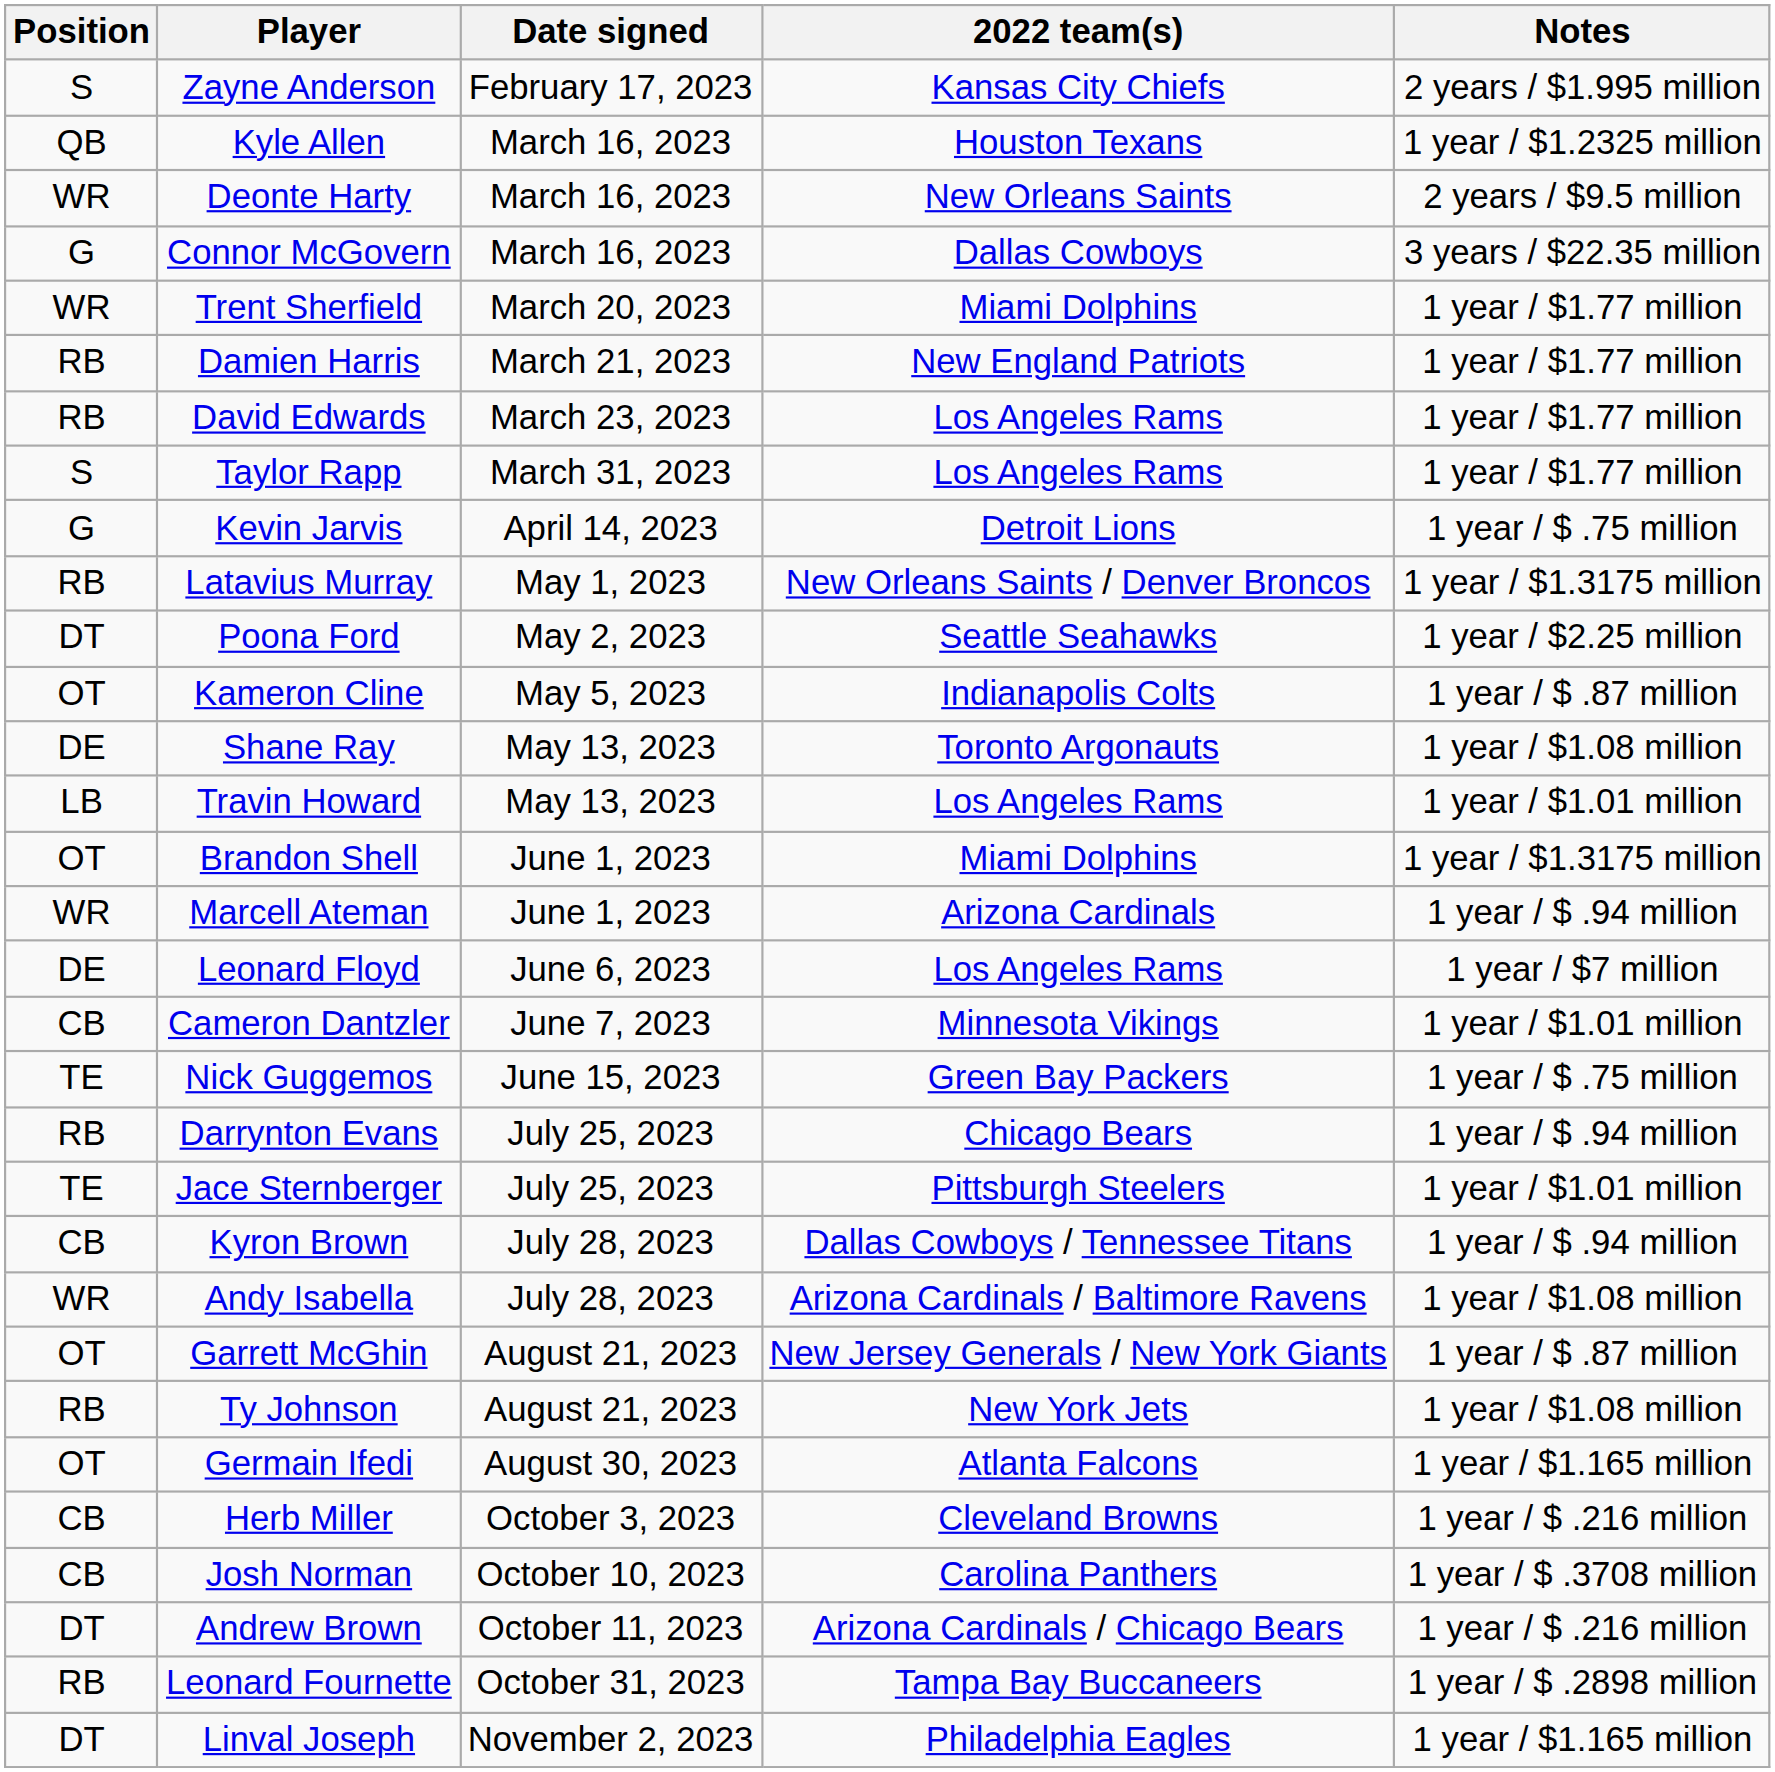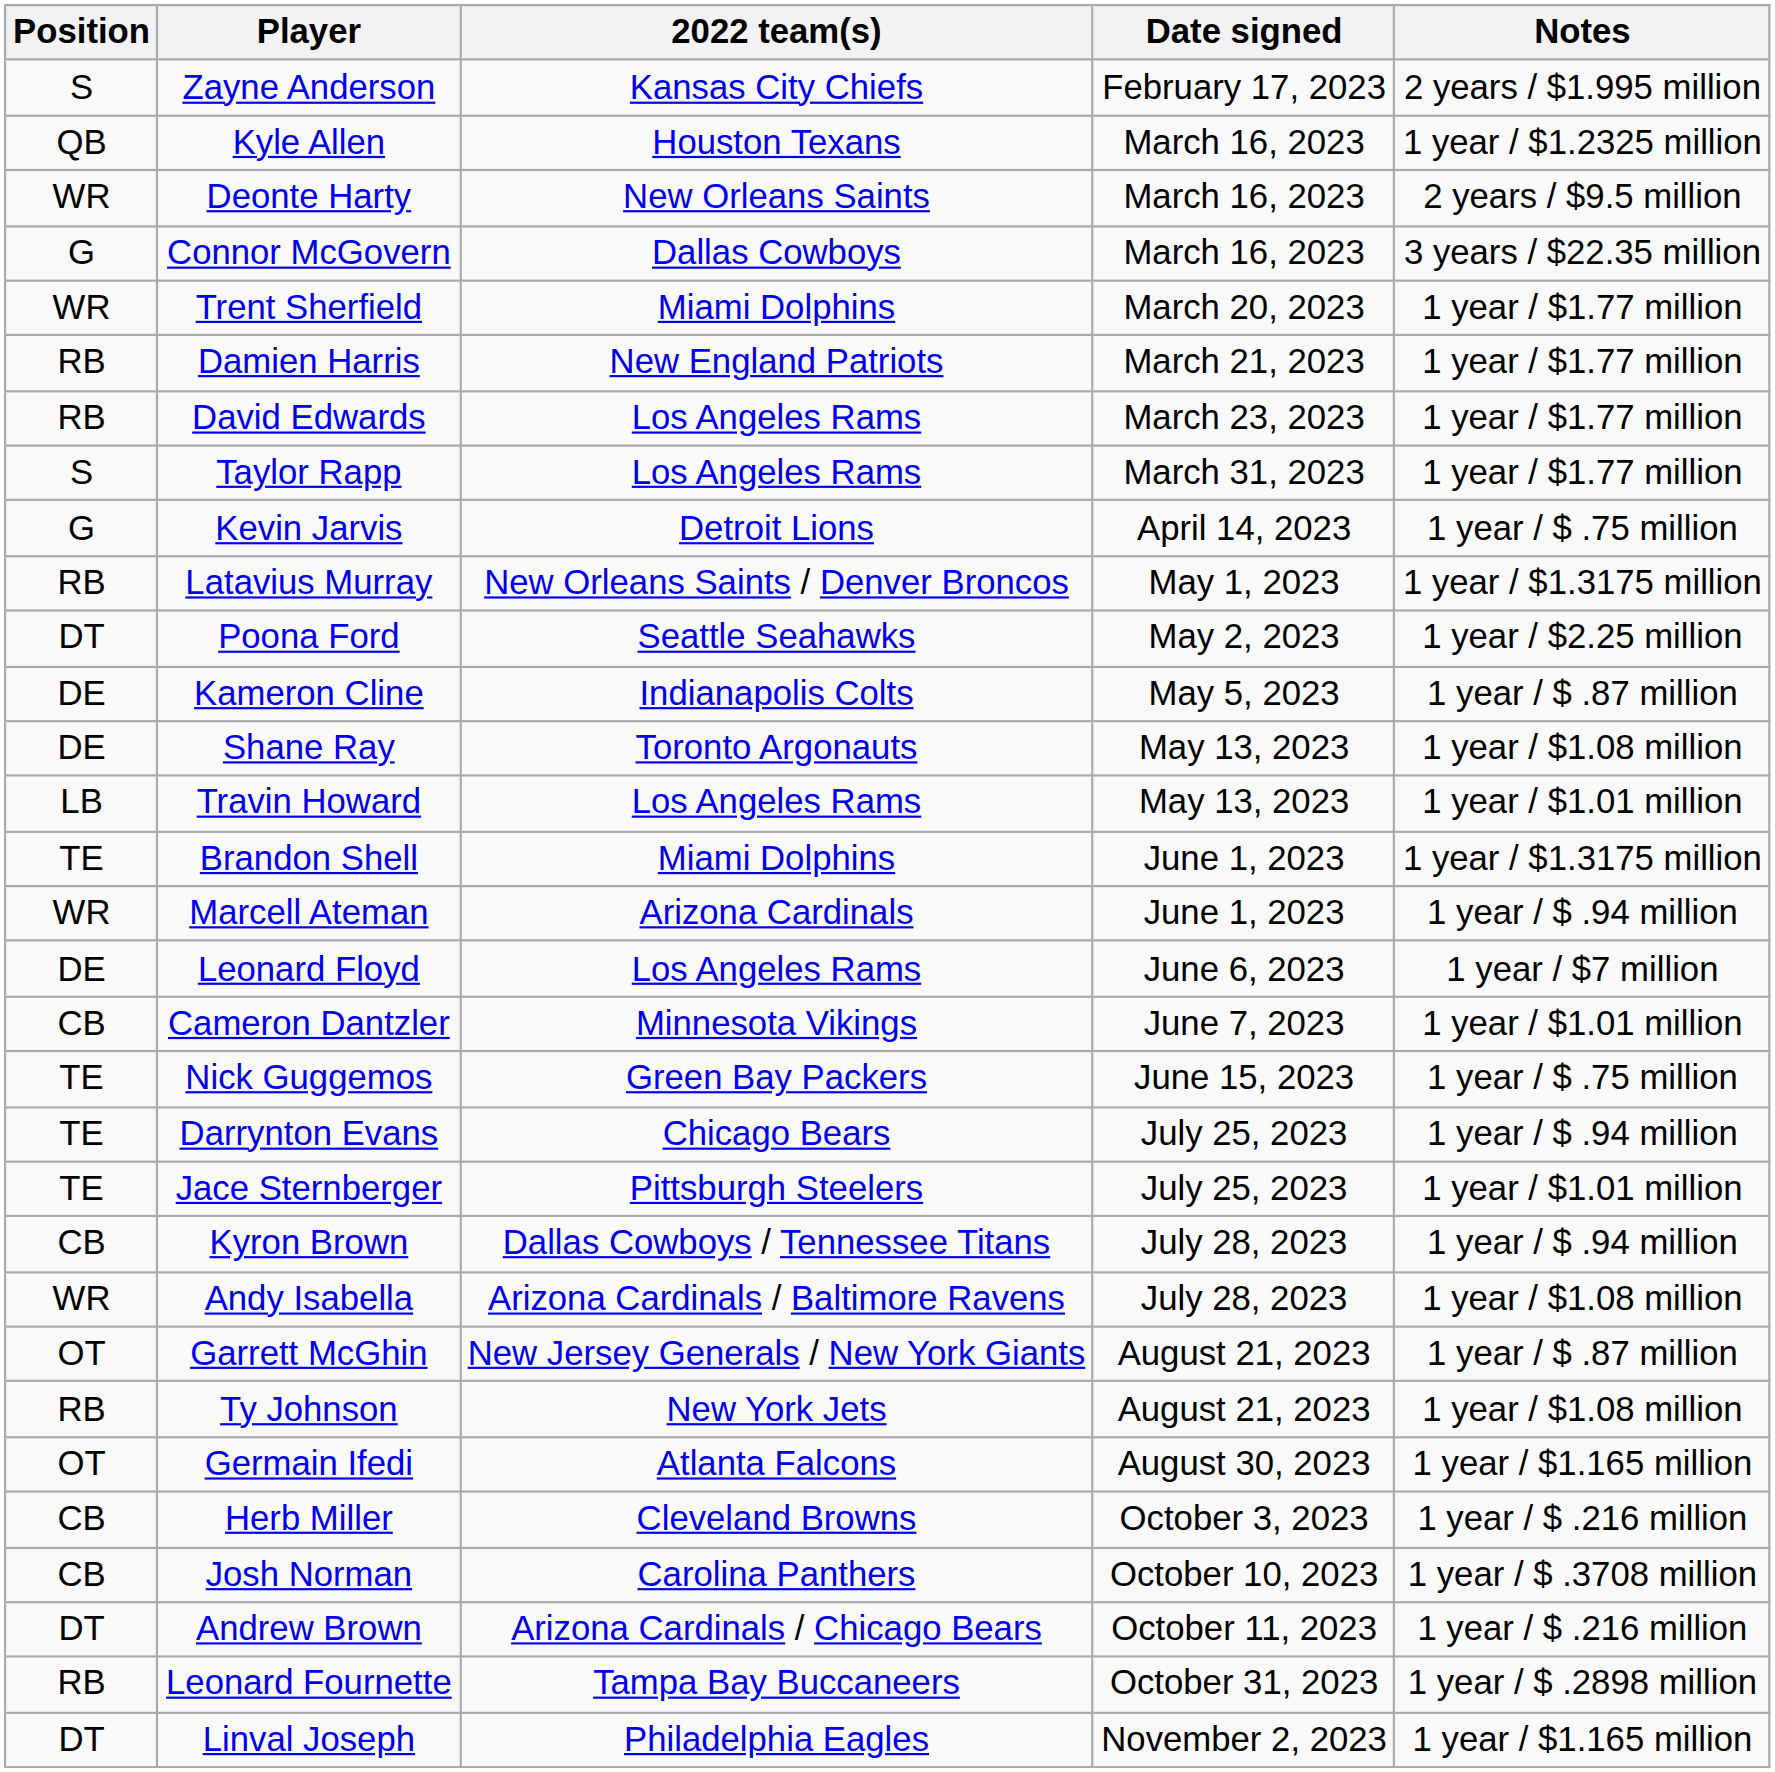 <table class="wikitable sortable" style="text-align:center">
 <tr>
 <th>Position</th>
 <th>Player</th>
+<th>2022 team(s)</th>
 <th>Date signed</th>
-<th>2022 team(s)</th>
 <th>Notes</th>
 </tr>
 <tr>
 <td>S</td>
 <td><a href='#'>Zayne Anderson</a></td>
+<td><a href='#'>Kansas City Chiefs</a></td>
 <td>February 17, 2023</td>
-<td><a href='#'>Kansas City Chiefs</a></td>
 <td>2 years / $1.995 million</td>
 </tr>
 <tr>
 <td>QB</td>
 <td><a href='#'>Kyle Allen</a></td>
+<td><a href='#'>Houston Texans</a></td>
 <td>March 16, 2023</td>
-<td><a href='#'>Houston Texans</a></td>
 <td>1 year / $1.2325 million</td>
 </tr>
 <tr>
 <td>WR</td>
 <td><a href='#'>Deonte Harty</a></td>
+<td><a href='#'>New Orleans Saints</a></td>
 <td>March 16, 2023</td>
-<td><a href='#'>New Orleans Saints</a></td>
 <td>2 years / $9.5 million</td>
 </tr>
 <tr>
 <td>G</td>
 <td><a href='#'>Connor McGovern</a></td>
+<td><a href='#'>Dallas Cowboys</a></td>
 <td>March 16, 2023</td>
-<td><a href='#'>Dallas Cowboys</a></td>
 <td>3 years / $22.35 million</td>
 </tr>
 <tr>
 <td>WR</td>
 <td><a href='#'>Trent Sherfield</a></td>
+<td><a href='#'>Miami Dolphins</a></td>
 <td>March 20, 2023</td>
-<td><a href='#'>Miami Dolphins</a></td>
 <td>1 year / $1.77 million</td>
 </tr>
 <tr>
 <td>RB</td>
 <td><a href='#'>Damien Harris</a></td>
+<td><a href='#'>New England Patriots</a></td>
 <td>March 21, 2023</td>
-<td><a href='#'>New England Patriots</a></td>
 <td>1 year / $1.77 million</td>
 </tr>
 <tr>
 <td>RB</td>
 <td><a href='#'>David Edwards</a></td>
+<td><a href='#'>Los Angeles Rams</a></td>
 <td>March 23, 2023</td>
-<td><a href='#'>Los Angeles Rams</a></td>
 <td>1 year / $1.77 million</td>
 </tr>
 <tr>
 <td>S</td>
 <td><a href='#'>Taylor Rapp</a></td>
+<td><a href='#'>Los Angeles Rams</a></td>
 <td>March 31, 2023</td>
-<td><a href='#'>Los Angeles Rams</a></td>
 <td>1 year / $1.77 million</td>
 </tr>
 <tr>
 <td>G</td>
 <td><a href='#'>Kevin Jarvis</a></td>
+<td><a href='#'>Detroit Lions</a></td>
 <td>April 14, 2023</td>
-<td><a href='#'>Detroit Lions</a></td>
 <td>1 year / $ .75 million</td>
 </tr>
 <tr>
 <td>RB</td>
 <td><a href='#'>Latavius Murray</a></td>
+<td><a href='#'>New Orleans Saints</a> / <a href='#'>Denver Broncos</a></td>
 <td>May 1, 2023</td>
-<td><a href='#'>New Orleans Saints</a> / <a href='#'>Denver Broncos</a></td>
 <td>1 year / $1.3175 million</td>
 </tr>
 <tr>
 <td>DT</td>
 <td><a href='#'>Poona Ford</a></td>
+<td><a href='#'>Seattle Seahawks</a></td>
 <td>May 2, 2023</td>
-<td><a href='#'>Seattle Seahawks</a></td>
 <td>1 year / $2.25 million</td>
 </tr>
 <tr>
-<td>OT</td>
+<td>DE</td>
 <td><a href='#'>Kameron Cline</a></td>
+<td><a href='#'>Indianapolis Colts</a></td>
 <td>May 5, 2023</td>
-<td><a href='#'>Indianapolis Colts</a></td>
 <td>1 year / $ .87 million</td>
 </tr>
 <tr>
 <td>DE</td>
 <td><a href='#'>Shane Ray</a></td>
+<td><a href='#'>Toronto Argonauts</a></td>
 <td>May 13, 2023</td>
-<td><a href='#'>Toronto Argonauts</a></td>
 <td>1 year / $1.08 million</td>
 </tr>
 <tr>
 <td>LB</td>
 <td><a href='#'>Travin Howard</a></td>
+<td><a href='#'>Los Angeles Rams</a></td>
 <td>May 13, 2023</td>
-<td><a href='#'>Los Angeles Rams</a></td>
 <td>1 year / $1.01 million</td>
 </tr>
 <tr>
-<td>OT</td>
+<td>TE</td>
 <td><a href='#'>Brandon Shell</a></td>
+<td><a href='#'>Miami Dolphins</a></td>
 <td>June 1, 2023</td>
-<td><a href='#'>Miami Dolphins</a></td>
 <td>1 year / $1.3175 million</td>
 </tr>
 <tr>
 <td>WR</td>
 <td><a href='#'>Marcell Ateman</a></td>
+<td><a href='#'>Arizona Cardinals</a></td>
 <td>June 1, 2023</td>
-<td><a href='#'>Arizona Cardinals</a></td>
 <td>1 year / $ .94 million</td>
 </tr>
 <tr>
 <td>DE</td>
 <td><a href='#'>Leonard Floyd</a></td>
+<td><a href='#'>Los Angeles Rams</a></td>
 <td>June 6, 2023</td>
-<td><a href='#'>Los Angeles Rams</a></td>
 <td>1 year / $7 million</td>
 </tr>
 <tr>
 <td>CB</td>
 <td><a href='#'>Cameron Dantzler</a></td>
+<td><a href='#'>Minnesota Vikings</a></td>
 <td>June 7, 2023</td>
-<td><a href='#'>Minnesota Vikings</a></td>
 <td>1 year / $1.01 million</td>
 </tr>
 <tr>
 <td>TE</td>
 <td><a href='#'>Nick Guggemos</a></td>
+<td><a href='#'>Green Bay Packers</a></td>
 <td>June 15, 2023</td>
-<td><a href='#'>Green Bay Packers</a></td>
 <td>1 year / $ .75 million</td>
 </tr>
 <tr>
-<td>RB</td>
+<td>TE</td>
 <td><a href='#'>Darrynton Evans</a></td>
+<td><a href='#'>Chicago Bears</a></td>
 <td>July 25, 2023</td>
-<td><a href='#'>Chicago Bears</a></td>
 <td>1 year / $ .94 million</td>
 </tr>
 <tr>
 <td>TE</td>
 <td><a href='#'>Jace Sternberger</a></td>
+<td><a href='#'>Pittsburgh Steelers</a></td>
 <td>July 25, 2023</td>
-<td><a href='#'>Pittsburgh Steelers</a></td>
 <td>1 year / $1.01 million</td>
 </tr>
 <tr>
 <td>CB</td>
 <td><a href='#'>Kyron Brown</a></td>
+<td><a href='#'>Dallas Cowboys</a> / <a href='#'>Tennessee Titans</a></td>
 <td>July 28, 2023</td>
-<td><a href='#'>Dallas Cowboys</a> / <a href='#'>Tennessee Titans</a></td>
 <td>1 year / $ .94 million</td>
 </tr>
 <tr>
 <td>WR</td>
 <td><a href='#'>Andy Isabella</a></td>
+<td><a href='#'>Arizona Cardinals</a> / <a href='#'>Baltimore Ravens</a></td>
 <td>July 28, 2023</td>
-<td><a href='#'>Arizona Cardinals</a> / <a href='#'>Baltimore Ravens</a></td>
 <td>1 year / $1.08 million</td>
 </tr>
 <tr>
 <td>OT</td>
 <td><a href='#'>Garrett McGhin</a></td>
+<td><a href='#'>New Jersey Generals</a> / <a href='#'>New York Giants</a></td>
 <td>August 21, 2023</td>
-<td><a href='#'>New Jersey Generals</a> / <a href='#'>New York Giants</a></td>
 <td>1 year / $ .87 million</td>
 </tr>
 <tr>
 <td>RB</td>
 <td><a href='#'>Ty Johnson</a></td>
+<td><a href='#'>New York Jets</a></td>
 <td>August 21, 2023</td>
-<td><a href='#'>New York Jets</a></td>
 <td>1 year / $1.08 million</td>
 </tr>
 <tr>
 <td>OT</td>
 <td><a href='#'>Germain Ifedi</a></td>
+<td><a href='#'>Atlanta Falcons</a></td>
 <td>August 30, 2023</td>
-<td><a href='#'>Atlanta Falcons</a></td>
 <td>1 year / $1.165 million</td>
 </tr>
 <tr>
 <td>CB</td>
 <td><a href='#'>Herb Miller</a></td>
+<td><a href='#'>Cleveland Browns</a></td>
 <td>October 3, 2023</td>
-<td><a href='#'>Cleveland Browns</a></td>
 <td>1 year / $ .216 million</td>
 </tr>
 <tr>
 <td>CB</td>
 <td><a href='#'>Josh Norman</a></td>
+<td><a href='#'>Carolina Panthers</a></td>
 <td>October 10, 2023</td>
-<td><a href='#'>Carolina Panthers</a></td>
 <td>1 year / $ .3708 million</td>
 </tr>
 <tr>
 <td>DT</td>
 <td><a href='#'>Andrew Brown</a></td>
+<td><a href='#'>Arizona Cardinals</a> / <a href='#'>Chicago Bears</a></td>
 <td>October 11, 2023</td>
-<td><a href='#'>Arizona Cardinals</a> / <a href='#'>Chicago Bears</a></td>
 <td>1 year / $ .216 million</td>
 </tr>
 <tr>
 <td>RB</td>
 <td><a href='#'>Leonard Fournette</a></td>
+<td><a href='#'>Tampa Bay Buccaneers</a></td>
 <td>October 31, 2023</td>
-<td><a href='#'>Tampa Bay Buccaneers</a></td>
 <td>1 year / $ .2898 million</td>
 </tr>
 <tr>
 <td>DT</td>
 <td><a href='#'>Linval Joseph</a></td>
+<td><a href='#'>Philadelphia Eagles</a></td>
 <td>November 2, 2023</td>
-<td><a href='#'>Philadelphia Eagles</a></td>
 <td>1 year / $1.165 million</td>
 </tr>
 </table>
